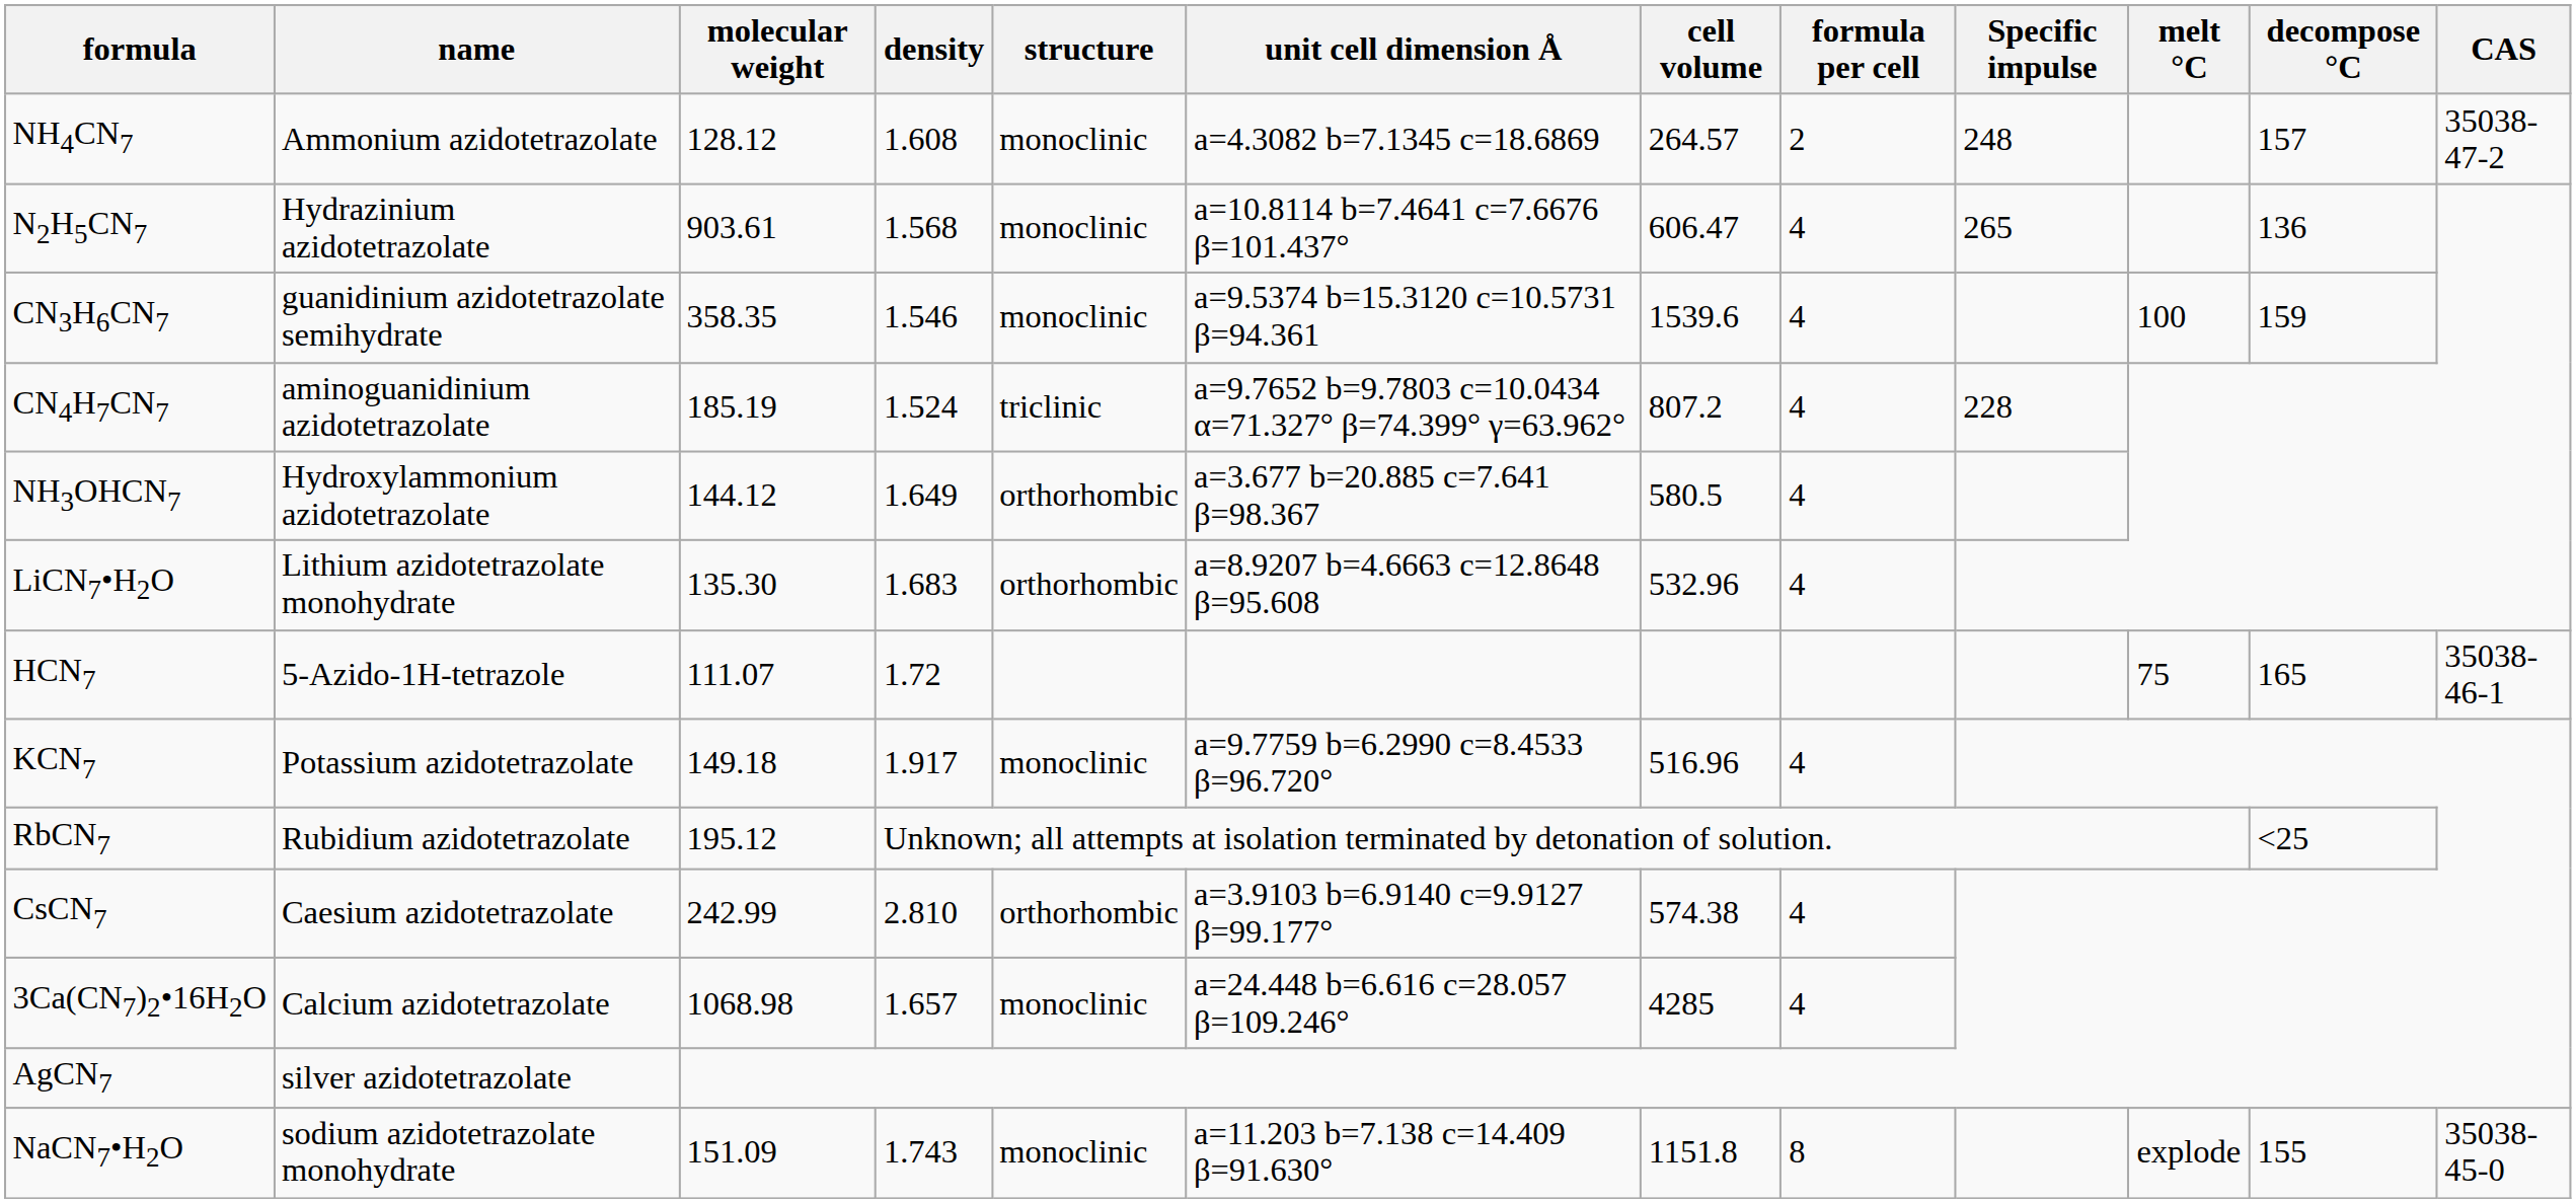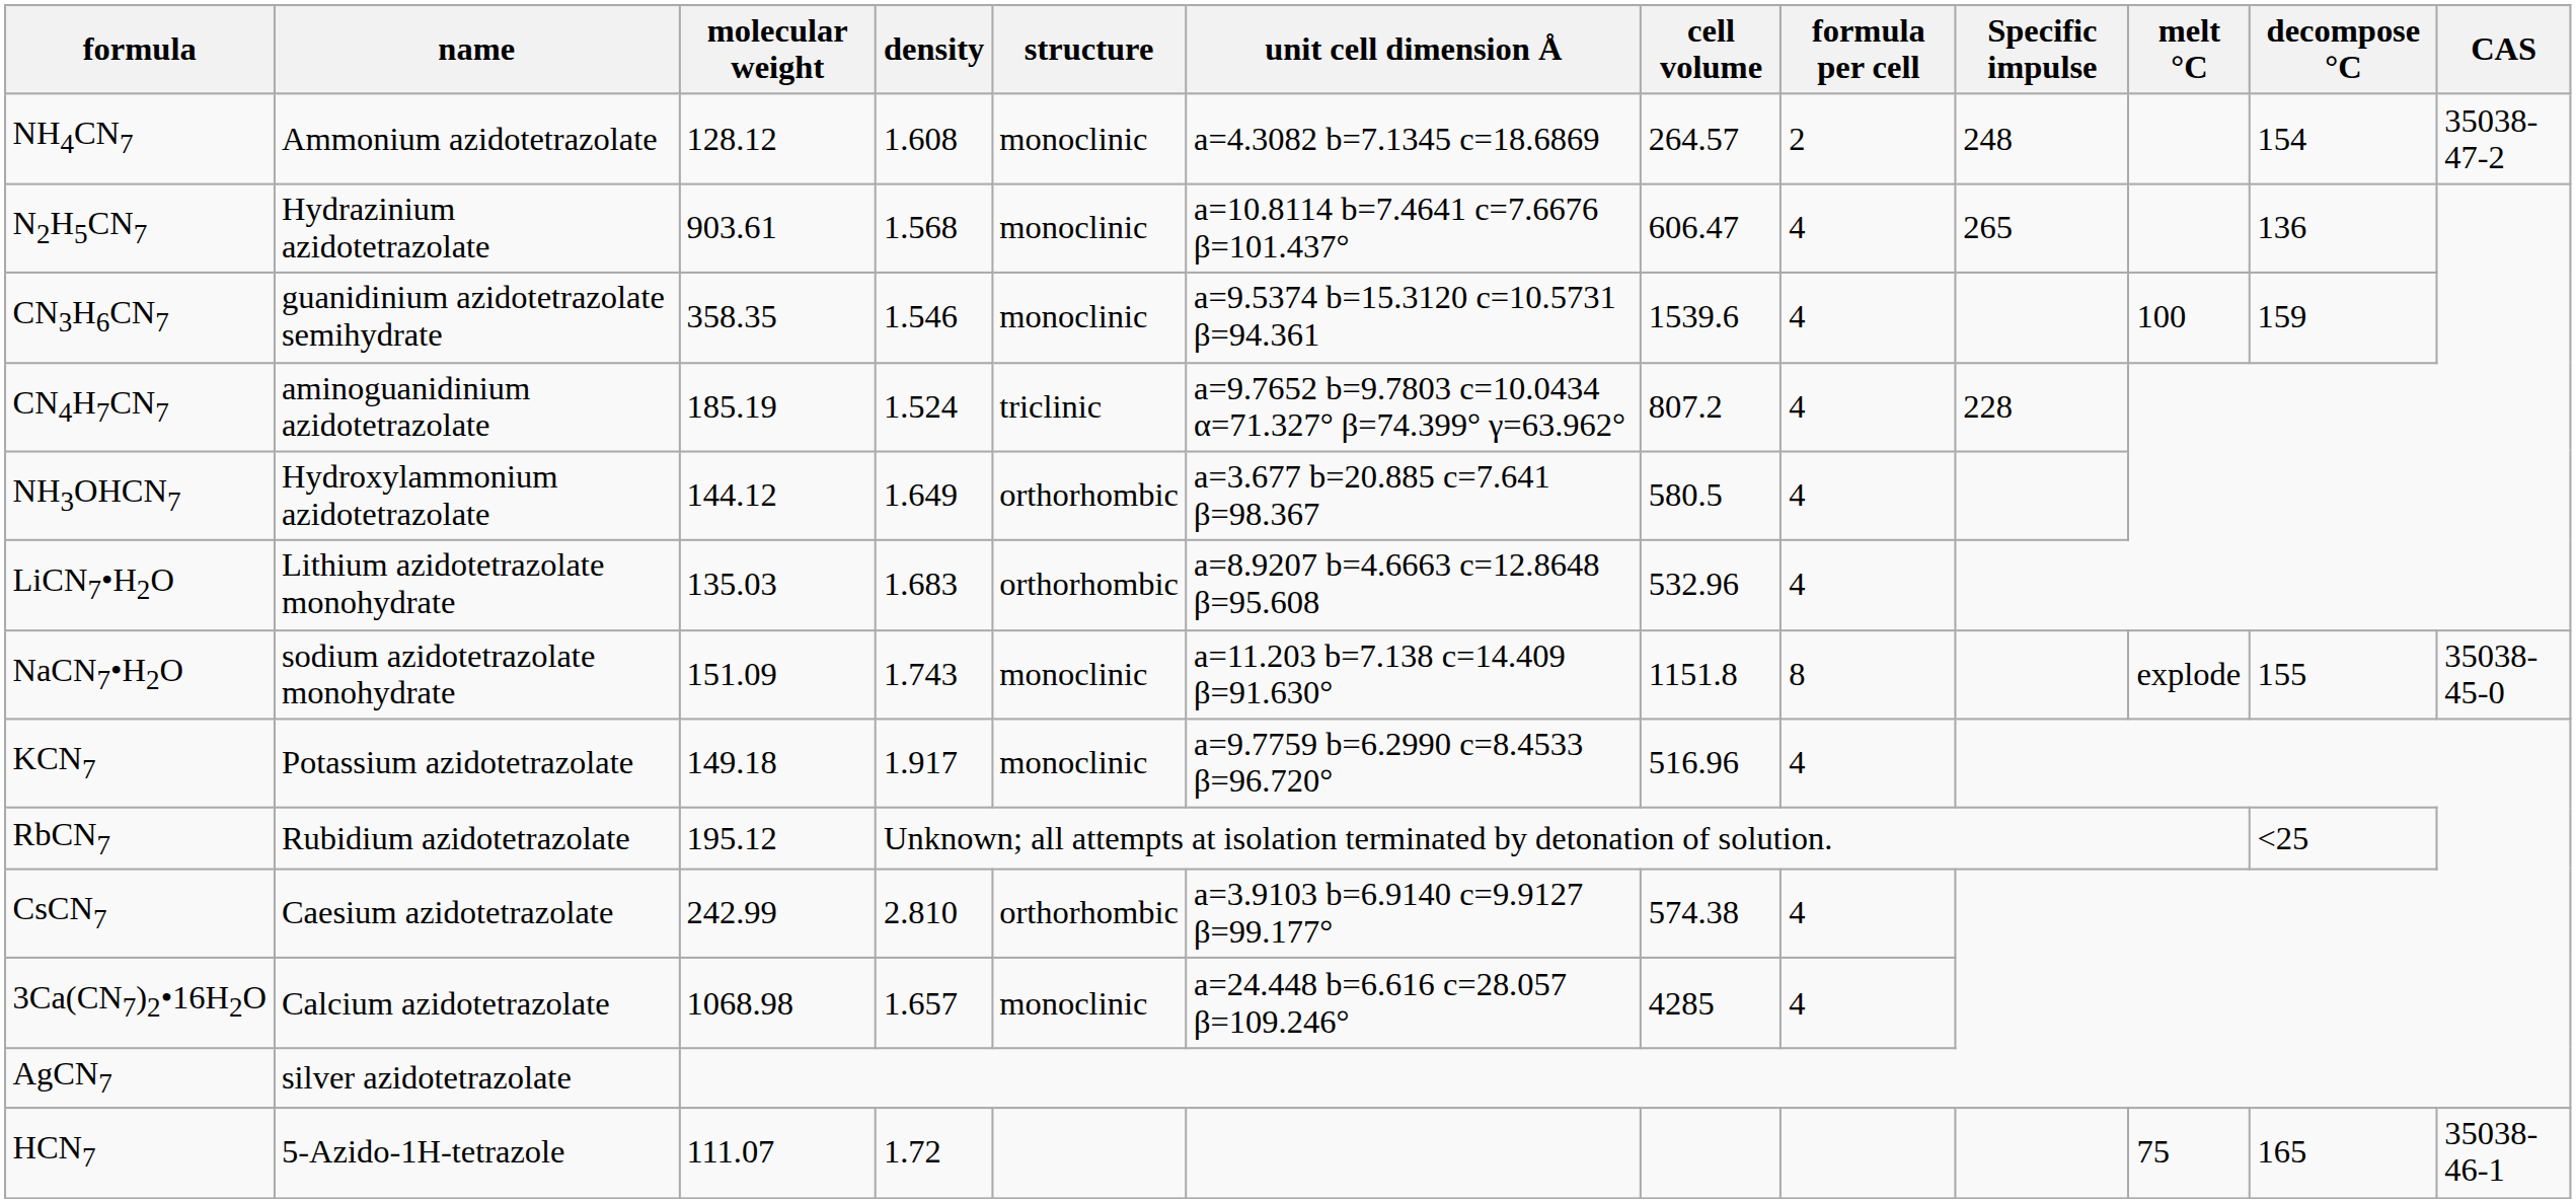 <table class="wikitable">
 <tr>
 <th>formula</th>
 <th>name</th>
 <th>molecular weight</th>
 <th>density</th>
 <th>structure</th>
 <th>unit cell dimension Å</th>
 <th>cell volume</th>
 <th>formula per cell</th>
 <th>Specific impulse</th>
 <th>melt °C</th>
 <th>decompose °C</th>
 <th>CAS</th>
 </tr>
 <tr>
 <td>NH<sub>4</sub>CN<sub>7</sub></td>
 <td>Ammonium azidotetrazolate</td>
 <td>128.12</td>
 <td>1.608</td>
 <td>monoclinic</td>
 <td>a=4.3082 b=7.1345 c=18.6869</td>
 <td>264.57</td>
 <td>2</td>
 <td>248</td>
 <td></td>
-<td>157</td>
+<td>154</td>
 <td>35038-47-2</td>
 </tr>
 <tr>
 <td>N<sub>2</sub>H<sub>5</sub>CN<sub>7</sub></td>
 <td>Hydrazinium azidotetrazolate</td>
 <td>903.61</td>
 <td>1.568</td>
 <td>monoclinic</td>
 <td>a=10.8114 b=7.4641 c=7.6676 β=101.437°</td>
 <td>606.47</td>
 <td>4</td>
 <td>265</td>
 <td></td>
 <td>136</td>
 </tr>
 <tr>
 <td>CN<sub>3</sub>H<sub>6</sub>CN<sub>7</sub></td>
 <td>guanidinium azidotetrazolate semihydrate</td>
 <td>358.35</td>
 <td>1.546</td>
 <td>monoclinic</td>
 <td>a=9.5374 b=15.3120 c=10.5731 β=94.361</td>
 <td>1539.6</td>
 <td>4</td>
 <td></td>
 <td>100</td>
 <td>159</td>
 </tr>
 <tr>
 <td>CN<sub>4</sub>H<sub>7</sub>CN<sub>7</sub></td>
 <td>aminoguanidinium azidotetrazolate</td>
 <td>185.19</td>
 <td>1.524</td>
 <td>triclinic</td>
 <td>a=9.7652 b=9.7803 c=10.0434 α=71.327° β=74.399° γ=63.962°</td>
 <td>807.2</td>
 <td>4</td>
 <td>228</td>
 </tr>
 <tr>
 <td>NH<sub>3</sub>OHCN<sub>7</sub></td>
 <td>Hydroxylammonium azidotetrazolate</td>
 <td>144.12</td>
 <td>1.649</td>
 <td>orthorhombic</td>
 <td>a=3.677 b=20.885 c=7.641 β=98.367</td>
 <td>580.5</td>
 <td>4</td>
 <td></td>
 </tr>
 <tr>
 <td>LiCN<sub>7</sub>•H<sub>2</sub>O</td>
 <td>Lithium azidotetrazolate monohydrate</td>
-<td>135.30</td>
+<td>135.03</td>
 <td>1.683</td>
 <td>orthorhombic</td>
 <td>a=8.9207 b=4.6663 c=12.8648 β=95.608</td>
 <td>532.96</td>
 <td>4</td>
 </tr>
 <tr>
-<td>HCN<sub>7</sub></td>
-<td>5-Azido-1H-tetrazole</td>
-<td>111.07</td>
-<td>1.72</td>
+<td>NaCN<sub>7</sub>•H<sub>2</sub>O</td>
+<td>sodium azidotetrazolate monohydrate</td>
+<td>151.09</td>
+<td>1.743</td>
+<td>monoclinic</td>
+<td>a=11.203 b=7.138 c=14.409 β=91.630°</td>
+<td>1151.8</td>
+<td>8</td>
 <td></td>
-<td></td>
-<td></td>
-<td></td>
-<td></td>
-<td>75</td>
-<td>165</td>
-<td>35038-46-1</td>
+<td>explode</td>
+<td>155</td>
+<td>35038-45-0</td>
 </tr>
 <tr>
 <td>KCN<sub>7</sub></td>
 <td>Potassium azidotetrazolate</td>
 <td>149.18</td>
 <td>1.917</td>
 <td>monoclinic</td>
 <td>a=9.7759 b=6.2990 c=8.4533 β=96.720°</td>
 <td>516.96</td>
 <td>4</td>
 </tr>
 <tr>
 <td>RbCN<sub>7</sub></td>
 <td>Rubidium azidotetrazolate</td>
 <td>195.12</td>
 <td colspan=7>Unknown; all attempts at isolation terminated by detonation of solution.</td>
 <td><25</td>
 </tr>
 <tr>
 <td>CsCN<sub>7</sub></td>
 <td>Caesium azidotetrazolate</td>
 <td>242.99</td>
 <td>2.810</td>
 <td>orthorhombic</td>
 <td>a=3.9103 b=6.9140 c=9.9127 β=99.177°</td>
 <td>574.38</td>
 <td>4</td>
 </tr>
 <tr>
 <td>3Ca(CN<sub>7</sub>)<sub>2</sub>•16H<sub>2</sub>O</td>
 <td>Calcium azidotetrazolate</td>
 <td>1068.98</td>
 <td>1.657</td>
 <td>monoclinic</td>
 <td>a=24.448 b=6.616 c=28.057 β=109.246°</td>
 <td>4285</td>
 <td>4</td>
 </tr>
 <tr>
 <td>AgCN<sub>7</sub></td>
 <td>silver azidotetrazolate</td>
 </tr>
 <tr>
-<td>NaCN<sub>7</sub>•H<sub>2</sub>O</td>
-<td>sodium azidotetrazolate monohydrate</td>
-<td>151.09</td>
-<td>1.743</td>
-<td>monoclinic</td>
-<td>a=11.203 b=7.138 c=14.409 β=91.630°</td>
-<td>1151.8</td>
-<td>8</td>
+<td>HCN<sub>7</sub></td>
+<td>5-Azido-1H-tetrazole</td>
+<td>111.07</td>
+<td>1.72</td>
 <td></td>
-<td>explode</td>
-<td>155</td>
-<td>35038-45-0</td>
+<td></td>
+<td></td>
+<td></td>
+<td></td>
+<td>75</td>
+<td>165</td>
+<td>35038-46-1</td>
 </tr>
 </table>
